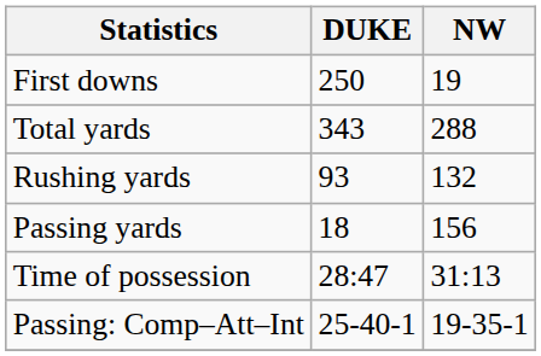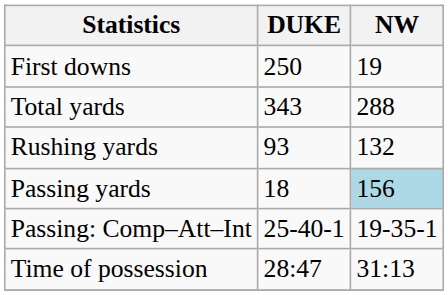 <table class="wikitable" style="float: left;">
 <tr>
 <th>Statistics</th>
 <th>DUKE</th>
 <th>NW</th>
 </tr>
 <tr>
 <td>First downs</td>
 <td>250</td>
 <td>19</td>
 </tr>
 <tr>
 <td>Total yards</td>
 <td>343</td>
 <td>288</td>
 </tr>
 <tr>
 <td>Rushing yards</td>
 <td>93</td>
 <td>132</td>
 </tr>
 <tr>
 <td>Passing yards</td>
 <td>18</td>
-<td>156</td>
+<td style="background: lightblue;">156</td>
+</tr>
+<tr>
+<td>Passing: Comp–Att–Int</td>
+<td>25-40-1</td>
+<td>19-35-1</td>
 </tr>
 <tr>
 <td>Time of possession</td>
 <td>28:47</td>
 <td>31:13</td>
 </tr>
 <tr>
-<td>Passing: Comp–Att–Int</td>
-<td>25-40-1</td>
-<td>19-35-1</td>
-</tr>
-<tr>
 </tr>
 </table>
